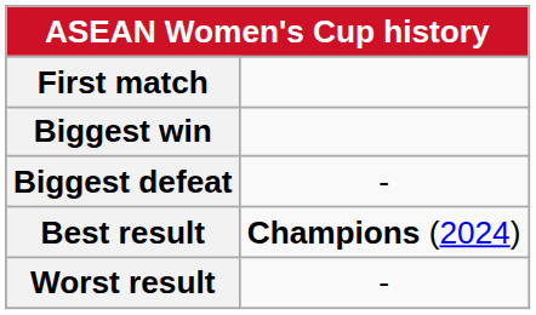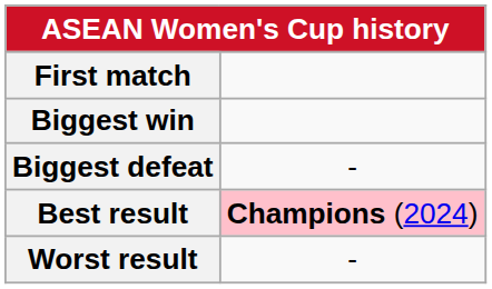 <table class="wikitable collapsible collapsed" style="text-align: center;font-size:90%;">
 <tr>
 <th colspan=6 style="background: #CE1126; color: #FFFFFF;">ASEAN Women's Cup history</th>
 </tr>
 <tr>
 <th style="text-align: center;">First match</th>
 <td></td>
 </tr>
 <tr>
 <th style="text-align: center;">Biggest win</th>
 <td></td>
 </tr>
 <tr>
 <th style="text-align: center;">Biggest defeat</th>
 <td {{center>-</td>
 </tr>
 <tr>
 <th style="text-align: center;">Best result</th>
-<td style="text-align:center;"><strong>Champions</strong> (<a href='#'>2024</a>)</td>
+<td style="background: pink; text-align:center;"><strong>Champions</strong> (<a href='#'>2024</a>)</td>
 </tr>
 <tr>
 <th style="text-align: center;">Worst result</th>
 <td style="text-align:center;">-</td>
 </tr>
 </table>
